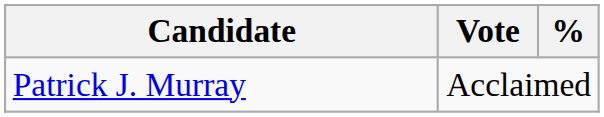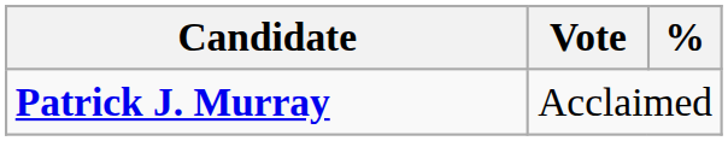 <table class="wikitable">
 <tr>
 <th bgcolor="#DDDDFF" width="200px">Candidate</th>
 <th bgcolor="#DDDDFF">Vote</th>
 <th bgcolor="#DDDDFF">%</th>
 </tr>
 <tr>
-<td><a href='#'>Patrick J. Murray</a></td>
+<td><strong><a href='#'>Patrick J. Murray</a></strong></td>
 <td colspan="2">Acclaimed</td>
 </tr>
 </table>
